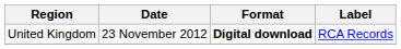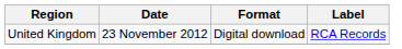 <table class=wikitable>
 <tr>
 <th>Region</th>
 <th>Date</th>
 <th>Format</th>
 <th>Label</th>
 </tr>
 <tr>
 <td>United Kingdom</td>
 <td>23 November 2012</td>
-<td><strong>Digital download</strong></td>
+<td>Digital download</td>
 <td><a href='#'>RCA Records</a></td>
 </tr>
 <tr>
 </tr>
 </table>
